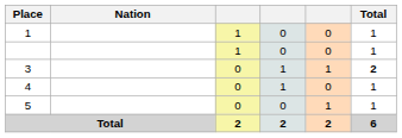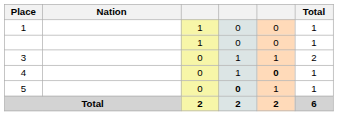 <table class=wikitable style="border:1px solid #AAAAAA;font-size:90%">
 <tr bgcolor="#EFEFEF">
 <th width=50>Place</th>
 <th width=200>Nation</th>
 <th width=50></th>
 <th width=50></th>
 <th width=50></th>
 <th width=50>Total</th>
 </tr>
 <tr align="center" valign="top" bgcolor="#FFFFFF">
 <td>1</td>
 <td align="left"></td>
 <td style="background:#F7F6A8;">1</td>
 <td style="background:#DCE5E5;">0</td>
 <td style="background:#FFDAB9;">0</td>
 <td>1</td>
 </tr>
 <tr align="center" valign="top" bgcolor="#FFFFFF">
 <td></td>
 <td align="left"></td>
 <td style="background:#F7F6A8;">1</td>
 <td style="background:#DCE5E5;">0</td>
 <td style="background:#FFDAB9;">0</td>
 <td>1</td>
 </tr>
 <tr align="center" valign="top" bgcolor="#FFFFFF">
 <td>3</td>
 <td align="left"></td>
 <td style="background:#F7F6A8;">0</td>
 <td style="background:#DCE5E5;">1</td>
 <td style="background:#FFDAB9;">1</td>
-<td><strong>2</strong></td>
+<td>2</td>
 </tr>
 <tr align="center" valign="top" bgcolor="#FFFFFF">
 <td>4</td>
 <td align="left"></td>
 <td style="background:#F7F6A8;">0</td>
 <td style="background:#DCE5E5;">1</td>
-<td style="background:#FFDAB9;">0</td>
+<td style="background:#FFDAB9;"><strong>0</strong></td>
 <td>1</td>
 </tr>
 <tr align="center" valign="top" bgcolor="#FFFFFF">
 <td>5</td>
 <td align="left"></td>
 <td style="background:#F7F6A8;">0</td>
-<td style="background:#DCE5E5;">0</td>
+<td style="background:#DCE5E5;"><strong>0</strong></td>
 <td style="background:#FFDAB9;">1</td>
 <td>1</td>
 </tr>
 <tr align="center">
 <td colspan="2" bgcolor=D3D3D3><strong>Total</strong></td>
 <td style="background:#F7F6A8;"><strong>2</strong></td>
 <td style="background:#DCE5E5;"><strong>2</strong></td>
 <td style="background:#FFDAB9;"><strong>2</strong></td>
 <td bgcolor=D3D3D3><strong>6</strong></td>
 </tr>
 </table>
